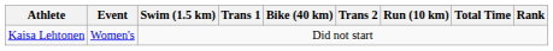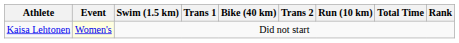 <table class="wikitable" style="font-size:90%">
 <tr>
 <th>Athlete</th>
 <th>Event</th>
 <th>Swim (1.5 km)</th>
 <th>Trans 1</th>
 <th>Bike (40 km)</th>
 <th>Trans 2</th>
 <th>Run (10 km)</th>
 <th>Total Time</th>
 <th>Rank</th>
 </tr>
 <tr align=center>
 <td align=left><a href='#'>Kaisa Lehtonen</a></td>
-<td align=left><a href='#'>Women's</a></td>
+<td align=left style="background: lightyellow;"><a href='#'>Women's</a></td>
 <td colspan=7>Did not start</td>
 </tr>
 </table>
